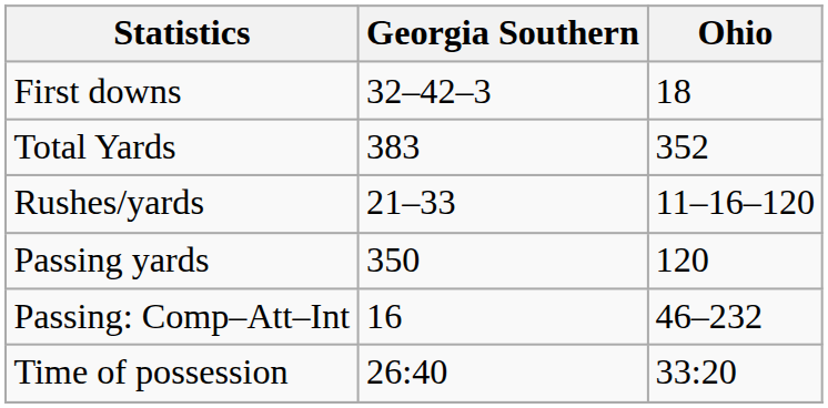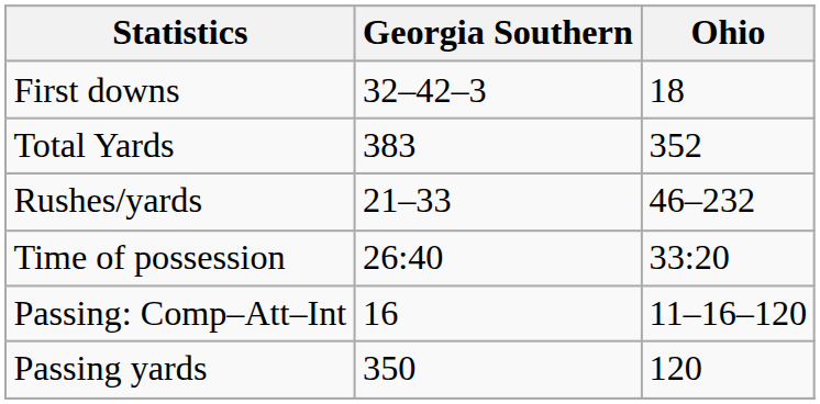 <table class="wikitable" style="float: left;">
 <tr>
 <th>Statistics</th>
 <th>Georgia Southern</th>
 <th>Ohio</th>
 </tr>
 <tr>
 <td>First downs</td>
 <td>32–42–3</td>
 <td>18</td>
 </tr>
 <tr>
 <td>Total Yards</td>
 <td>383</td>
 <td>352</td>
 </tr>
 <tr>
 <td>Rushes/yards</td>
 <td>21–33</td>
+<td>46–232</td>
+</tr>
+<tr>
+<td>Time of possession</td>
+<td>26:40</td>
+<td>33:20</td>
+</tr>
+<tr>
+<td>Passing: Comp–Att–Int</td>
+<td>16</td>
 <td>11–16–120</td>
 </tr>
 <tr>
 <td>Passing yards</td>
 <td>350</td>
 <td>120</td>
 </tr>
 <tr>
-<td>Passing: Comp–Att–Int</td>
-<td>16</td>
-<td>46–232</td>
-</tr>
-<tr>
-<td>Time of possession</td>
-<td>26:40</td>
-<td>33:20</td>
-</tr>
-<tr>
 </tr>
 </table>
